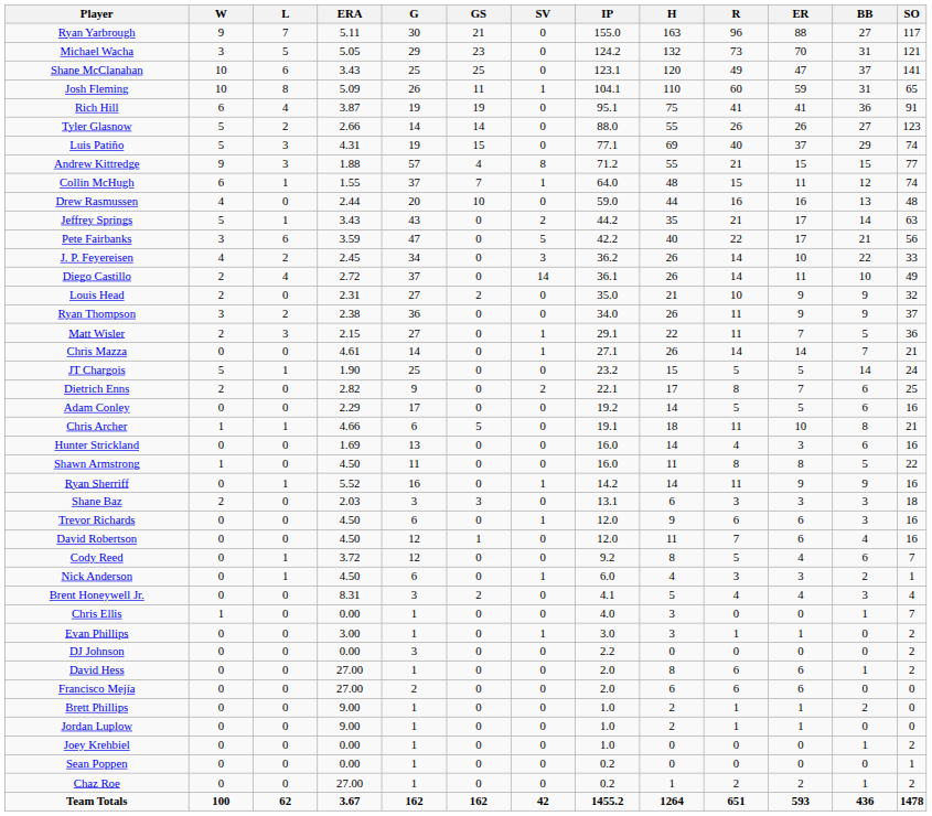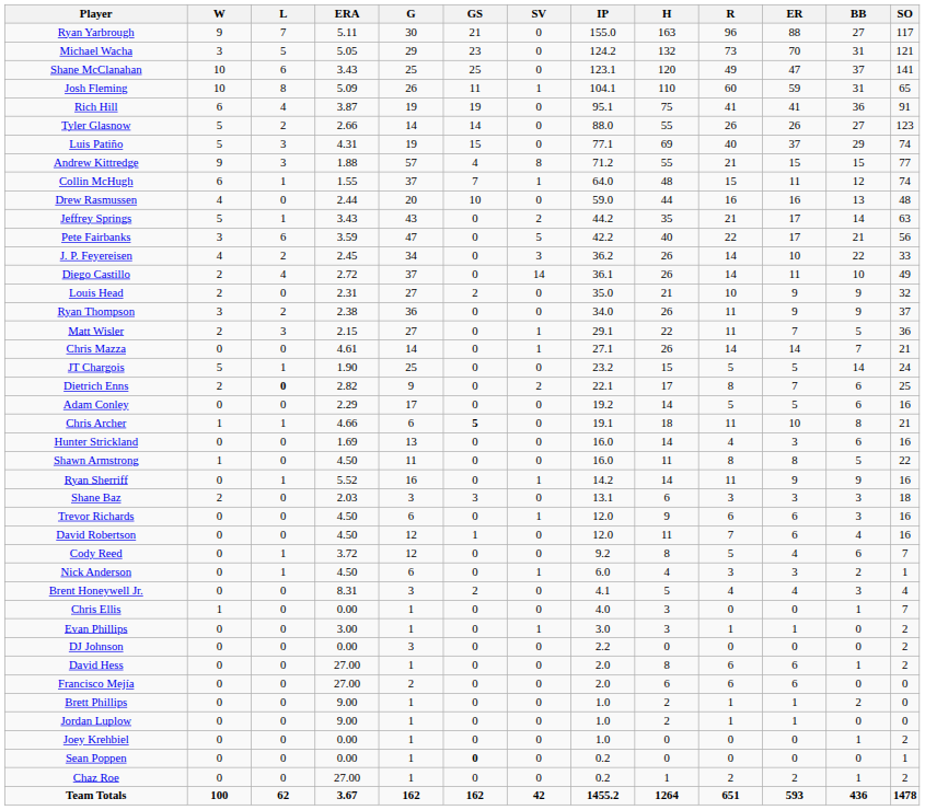 <table class=wikitable style="text-align:center">
 <tr>
 <th bgcolor=#DDDDFF; width="20%">Player</th>
 <th bgcolor=#DDDDFF; width="7%">W</th>
 <th bgcolor=#DDDDFF; width="7%">L</th>
 <th bgcolor=#DDDDFF; width="7%">ERA</th>
 <th bgcolor=#DDDDFF; width="7%">G</th>
 <th bgcolor=#DDDDFF; width="7%">GS</th>
 <th bgcolor=#DDDDFF; width="7%">SV</th>
 <th bgcolor=#DDDDFF; width="7%">IP</th>
 <th bgcolor=#DDDDFF; width="7%">H</th>
 <th bgcolor=#DDDDFF; width="7%">R</th>
 <th bgcolor=#DDDDFF; width="7%">ER</th>
 <th bgcolor=#DDDDFF; width="7%">BB</th>
 <th bgcolor=#DDDDFF; width="7%">SO</th>
 </tr>
 <tr>
 <td><a href='#'>Ryan Yarbrough</a></td>
 <td>9</td>
 <td>7</td>
 <td>5.11</td>
 <td>30</td>
 <td>21</td>
 <td>0</td>
 <td>155.0</td>
 <td>163</td>
 <td>96</td>
 <td>88</td>
 <td>27</td>
 <td>117</td>
 </tr>
 <tr>
 <td><a href='#'>Michael Wacha</a></td>
 <td>3</td>
 <td>5</td>
 <td>5.05</td>
 <td>29</td>
 <td>23</td>
 <td>0</td>
 <td>124.2</td>
 <td>132</td>
 <td>73</td>
 <td>70</td>
 <td>31</td>
 <td>121</td>
 </tr>
 <tr>
 <td><a href='#'>Shane McClanahan</a></td>
 <td>10</td>
 <td>6</td>
 <td>3.43</td>
 <td>25</td>
 <td>25</td>
 <td>0</td>
 <td>123.1</td>
 <td>120</td>
 <td>49</td>
 <td>47</td>
 <td>37</td>
 <td>141</td>
 </tr>
 <tr>
 <td><a href='#'>Josh Fleming</a></td>
 <td>10</td>
 <td>8</td>
 <td>5.09</td>
 <td>26</td>
 <td>11</td>
 <td>1</td>
 <td>104.1</td>
 <td>110</td>
 <td>60</td>
 <td>59</td>
 <td>31</td>
 <td>65</td>
 </tr>
 <tr>
 <td><a href='#'>Rich Hill</a></td>
 <td>6</td>
 <td>4</td>
 <td>3.87</td>
 <td>19</td>
 <td>19</td>
 <td>0</td>
 <td>95.1</td>
 <td>75</td>
 <td>41</td>
 <td>41</td>
 <td>36</td>
 <td>91</td>
 </tr>
 <tr>
 <td><a href='#'>Tyler Glasnow</a></td>
 <td>5</td>
 <td>2</td>
 <td>2.66</td>
 <td>14</td>
 <td>14</td>
 <td>0</td>
 <td>88.0</td>
 <td>55</td>
 <td>26</td>
 <td>26</td>
 <td>27</td>
 <td>123</td>
 </tr>
 <tr>
 <td><a href='#'>Luis Patiño</a></td>
 <td>5</td>
 <td>3</td>
 <td>4.31</td>
 <td>19</td>
 <td>15</td>
 <td>0</td>
 <td>77.1</td>
 <td>69</td>
 <td>40</td>
 <td>37</td>
 <td>29</td>
 <td>74</td>
 </tr>
 <tr>
 <td><a href='#'>Andrew Kittredge</a></td>
 <td>9</td>
 <td>3</td>
 <td>1.88</td>
 <td>57</td>
 <td>4</td>
 <td>8</td>
 <td>71.2</td>
 <td>55</td>
 <td>21</td>
 <td>15</td>
 <td>15</td>
 <td>77</td>
 </tr>
 <tr>
 <td><a href='#'>Collin McHugh</a></td>
 <td>6</td>
 <td>1</td>
 <td>1.55</td>
 <td>37</td>
 <td>7</td>
 <td>1</td>
 <td>64.0</td>
 <td>48</td>
 <td>15</td>
 <td>11</td>
 <td>12</td>
 <td>74</td>
 </tr>
 <tr>
 <td><a href='#'>Drew Rasmussen</a></td>
 <td>4</td>
 <td>0</td>
 <td>2.44</td>
 <td>20</td>
 <td>10</td>
 <td>0</td>
 <td>59.0</td>
 <td>44</td>
 <td>16</td>
 <td>16</td>
 <td>13</td>
 <td>48</td>
 </tr>
 <tr>
 <td><a href='#'>Jeffrey Springs</a></td>
 <td>5</td>
 <td>1</td>
 <td>3.43</td>
 <td>43</td>
 <td>0</td>
 <td>2</td>
 <td>44.2</td>
 <td>35</td>
 <td>21</td>
 <td>17</td>
 <td>14</td>
 <td>63</td>
 </tr>
 <tr>
 <td><a href='#'>Pete Fairbanks</a></td>
 <td>3</td>
 <td>6</td>
 <td>3.59</td>
 <td>47</td>
 <td>0</td>
 <td>5</td>
 <td>42.2</td>
 <td>40</td>
 <td>22</td>
 <td>17</td>
 <td>21</td>
 <td>56</td>
 </tr>
 <tr>
 <td><a href='#'>J. P. Feyereisen</a></td>
 <td>4</td>
 <td>2</td>
 <td>2.45</td>
 <td>34</td>
 <td>0</td>
 <td>3</td>
 <td>36.2</td>
 <td>26</td>
 <td>14</td>
 <td>10</td>
 <td>22</td>
 <td>33</td>
 </tr>
 <tr>
 <td><a href='#'>Diego Castillo</a></td>
 <td>2</td>
 <td>4</td>
 <td>2.72</td>
 <td>37</td>
 <td>0</td>
 <td>14</td>
 <td>36.1</td>
 <td>26</td>
 <td>14</td>
 <td>11</td>
 <td>10</td>
 <td>49</td>
 </tr>
 <tr>
 <td><a href='#'>Louis Head</a></td>
 <td>2</td>
 <td>0</td>
 <td>2.31</td>
 <td>27</td>
 <td>2</td>
 <td>0</td>
 <td>35.0</td>
 <td>21</td>
 <td>10</td>
 <td>9</td>
 <td>9</td>
 <td>32</td>
 </tr>
 <tr>
 <td><a href='#'>Ryan Thompson</a></td>
 <td>3</td>
 <td>2</td>
 <td>2.38</td>
 <td>36</td>
 <td>0</td>
 <td>0</td>
 <td>34.0</td>
 <td>26</td>
 <td>11</td>
 <td>9</td>
 <td>9</td>
 <td>37</td>
 </tr>
 <tr>
 <td><a href='#'>Matt Wisler</a></td>
 <td>2</td>
 <td>3</td>
 <td>2.15</td>
 <td>27</td>
 <td>0</td>
 <td>1</td>
 <td>29.1</td>
 <td>22</td>
 <td>11</td>
 <td>7</td>
 <td>5</td>
 <td>36</td>
 </tr>
 <tr>
 <td><a href='#'>Chris Mazza</a></td>
 <td>0</td>
 <td>0</td>
 <td>4.61</td>
 <td>14</td>
 <td>0</td>
 <td>1</td>
 <td>27.1</td>
 <td>26</td>
 <td>14</td>
 <td>14</td>
 <td>7</td>
 <td>21</td>
 </tr>
 <tr>
 <td><a href='#'>JT Chargois</a></td>
 <td>5</td>
 <td>1</td>
 <td>1.90</td>
 <td>25</td>
 <td>0</td>
 <td>0</td>
 <td>23.2</td>
 <td>15</td>
 <td>5</td>
 <td>5</td>
 <td>14</td>
 <td>24</td>
 </tr>
 <tr>
 <td><a href='#'>Dietrich Enns</a></td>
 <td>2</td>
-<td>0</td>
+<td><strong>0</strong></td>
 <td>2.82</td>
 <td>9</td>
 <td>0</td>
 <td>2</td>
 <td>22.1</td>
 <td>17</td>
 <td>8</td>
 <td>7</td>
 <td>6</td>
 <td>25</td>
 </tr>
 <tr>
 <td><a href='#'>Adam Conley</a></td>
 <td>0</td>
 <td>0</td>
 <td>2.29</td>
 <td>17</td>
 <td>0</td>
 <td>0</td>
 <td>19.2</td>
 <td>14</td>
 <td>5</td>
 <td>5</td>
 <td>6</td>
 <td>16</td>
 </tr>
 <tr>
 <td><a href='#'>Chris Archer</a></td>
 <td>1</td>
 <td>1</td>
 <td>4.66</td>
 <td>6</td>
-<td>5</td>
+<td><strong>5</strong></td>
 <td>0</td>
 <td>19.1</td>
 <td>18</td>
 <td>11</td>
 <td>10</td>
 <td>8</td>
 <td>21</td>
 </tr>
 <tr>
 <td><a href='#'>Hunter Strickland</a></td>
 <td>0</td>
 <td>0</td>
 <td>1.69</td>
 <td>13</td>
 <td>0</td>
 <td>0</td>
 <td>16.0</td>
 <td>14</td>
 <td>4</td>
 <td>3</td>
 <td>6</td>
 <td>16</td>
 </tr>
 <tr>
 <td><a href='#'>Shawn Armstrong</a></td>
 <td>1</td>
 <td>0</td>
 <td>4.50</td>
 <td>11</td>
 <td>0</td>
 <td>0</td>
 <td>16.0</td>
 <td>11</td>
 <td>8</td>
 <td>8</td>
 <td>5</td>
 <td>22</td>
 </tr>
 <tr>
 <td><a href='#'>Ryan Sherriff</a></td>
 <td>0</td>
 <td>1</td>
 <td>5.52</td>
 <td>16</td>
 <td>0</td>
 <td>1</td>
 <td>14.2</td>
 <td>14</td>
 <td>11</td>
 <td>9</td>
 <td>9</td>
 <td>16</td>
 </tr>
 <tr>
 <td><a href='#'>Shane Baz</a></td>
 <td>2</td>
 <td>0</td>
 <td>2.03</td>
 <td>3</td>
 <td>3</td>
 <td>0</td>
 <td>13.1</td>
 <td>6</td>
 <td>3</td>
 <td>3</td>
 <td>3</td>
 <td>18</td>
 </tr>
 <tr>
 <td><a href='#'>Trevor Richards</a></td>
 <td>0</td>
 <td>0</td>
 <td>4.50</td>
 <td>6</td>
 <td>0</td>
 <td>1</td>
 <td>12.0</td>
 <td>9</td>
 <td>6</td>
 <td>6</td>
 <td>3</td>
 <td>16</td>
 </tr>
 <tr>
 <td><a href='#'>David Robertson</a></td>
 <td>0</td>
 <td>0</td>
 <td>4.50</td>
 <td>12</td>
 <td>1</td>
 <td>0</td>
 <td>12.0</td>
 <td>11</td>
 <td>7</td>
 <td>6</td>
 <td>4</td>
 <td>16</td>
 </tr>
 <tr>
 <td><a href='#'>Cody Reed</a></td>
 <td>0</td>
 <td>1</td>
 <td>3.72</td>
 <td>12</td>
 <td>0</td>
 <td>0</td>
 <td>9.2</td>
 <td>8</td>
 <td>5</td>
 <td>4</td>
 <td>6</td>
 <td>7</td>
 </tr>
 <tr>
 <td><a href='#'>Nick Anderson</a></td>
 <td>0</td>
 <td>1</td>
 <td>4.50</td>
 <td>6</td>
 <td>0</td>
 <td>1</td>
 <td>6.0</td>
 <td>4</td>
 <td>3</td>
 <td>3</td>
 <td>2</td>
 <td>1</td>
 </tr>
 <tr>
 <td><a href='#'>Brent Honeywell Jr.</a></td>
 <td>0</td>
 <td>0</td>
 <td>8.31</td>
 <td>3</td>
 <td>2</td>
 <td>0</td>
 <td>4.1</td>
 <td>5</td>
 <td>4</td>
 <td>4</td>
 <td>3</td>
 <td>4</td>
 </tr>
 <tr>
 <td><a href='#'>Chris Ellis</a></td>
 <td>1</td>
 <td>0</td>
 <td>0.00</td>
 <td>1</td>
 <td>0</td>
 <td>0</td>
 <td>4.0</td>
 <td>3</td>
 <td>0</td>
 <td>0</td>
 <td>1</td>
 <td>7</td>
 </tr>
 <tr>
 <td><a href='#'>Evan Phillips</a></td>
 <td>0</td>
 <td>0</td>
 <td>3.00</td>
 <td>1</td>
 <td>0</td>
 <td>1</td>
 <td>3.0</td>
 <td>3</td>
 <td>1</td>
 <td>1</td>
 <td>0</td>
 <td>2</td>
 </tr>
 <tr>
 <td><a href='#'>DJ Johnson</a></td>
 <td>0</td>
 <td>0</td>
 <td>0.00</td>
 <td>3</td>
 <td>0</td>
 <td>0</td>
 <td>2.2</td>
 <td>0</td>
 <td>0</td>
 <td>0</td>
 <td>0</td>
 <td>2</td>
 </tr>
 <tr>
 <td><a href='#'>David Hess</a></td>
 <td>0</td>
 <td>0</td>
 <td>27.00</td>
 <td>1</td>
 <td>0</td>
 <td>0</td>
 <td>2.0</td>
 <td>8</td>
 <td>6</td>
 <td>6</td>
 <td>1</td>
 <td>2</td>
 </tr>
 <tr>
 <td><a href='#'>Francisco Mejía</a></td>
 <td>0</td>
 <td>0</td>
 <td>27.00</td>
 <td>2</td>
 <td>0</td>
 <td>0</td>
 <td>2.0</td>
 <td>6</td>
 <td>6</td>
 <td>6</td>
 <td>0</td>
 <td>0</td>
 </tr>
 <tr>
 <td><a href='#'>Brett Phillips</a></td>
 <td>0</td>
 <td>0</td>
 <td>9.00</td>
 <td>1</td>
 <td>0</td>
 <td>0</td>
 <td>1.0</td>
 <td>2</td>
 <td>1</td>
 <td>1</td>
 <td>2</td>
 <td>0</td>
 </tr>
 <tr>
 <td><a href='#'>Jordan Luplow</a></td>
 <td>0</td>
 <td>0</td>
 <td>9.00</td>
 <td>1</td>
 <td>0</td>
 <td>0</td>
 <td>1.0</td>
 <td>2</td>
 <td>1</td>
 <td>1</td>
 <td>0</td>
 <td>0</td>
 </tr>
 <tr>
 <td><a href='#'>Joey Krehbiel</a></td>
 <td>0</td>
 <td>0</td>
 <td>0.00</td>
 <td>1</td>
 <td>0</td>
 <td>0</td>
 <td>1.0</td>
 <td>0</td>
 <td>0</td>
 <td>0</td>
 <td>1</td>
 <td>2</td>
 </tr>
 <tr>
 <td><a href='#'>Sean Poppen</a></td>
 <td>0</td>
 <td>0</td>
 <td>0.00</td>
 <td>1</td>
-<td>0</td>
+<td><strong>0</strong></td>
 <td>0</td>
 <td>0.2</td>
 <td>0</td>
 <td>0</td>
 <td>0</td>
 <td>0</td>
 <td>1</td>
 </tr>
 <tr>
 <td><a href='#'>Chaz Roe</a></td>
 <td>0</td>
 <td>0</td>
 <td>27.00</td>
 <td>1</td>
 <td>0</td>
 <td>0</td>
 <td>0.2</td>
 <td>1</td>
 <td>2</td>
 <td>2</td>
 <td>1</td>
 <td>2</td>
 </tr>
 <tr>
 <td><strong>Team Totals</strong></td>
 <td><strong>100</strong></td>
 <td><strong>62</strong></td>
 <td><strong>3.67</strong></td>
 <td><strong>162</strong></td>
 <td><strong>162</strong></td>
 <td><strong>42</strong></td>
 <td><strong>1455.2</strong></td>
 <td><strong>1264</strong></td>
 <td><strong>651</strong></td>
 <td><strong>593</strong></td>
 <td><strong>436</strong></td>
 <td><strong>1478</strong></td>
 </tr>
 </table>
